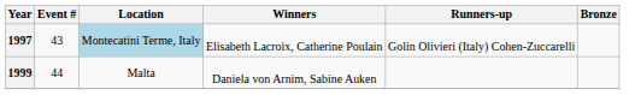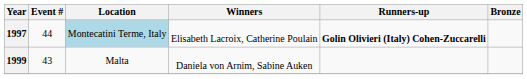 <table class="wikitable" style="text-align:center">
 <tr>
 <th>Year</th>
 <th>Event #</th>
 <th>Location</th>
 <th>Winners</th>
 <th>Runners-up</th>
 <th>Bronze</th>
 </tr>
 <tr>
 <th>1997<br></th>
-<td>43</td>
+<td>44</td>
 <td style="background: lightblue;">Montecatini Terme, Italy</td>
 <td><br>Elisabeth Lacroix, Catherine Poulain</td>
-<td><br>Golin Olivieri (Italy) Cohen-Zuccarelli</td>
+<td><strong><br>Golin Olivieri (Italy) Cohen-Zuccarelli</strong></td>
 <td></td>
 </tr>
 <tr>
 <th>1999<br></th>
-<td>44</td>
+<td>43</td>
 <td>Malta</td>
 <td><br>Daniela von Arnim, Sabine Auken</td>
 <td></td>
 <td></td>
 </tr>
 <tr>
 </tr>
 </table>
